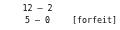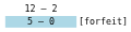 <table style="text-align:center">
 <tr>
 <th width=200></th>
 <th width=100></th>
 <th width=200></th>
 </tr>
 <tr>
 <td align=right><strong></strong></td>
 <td>12 – 2</td>
 <td align=left></td>
 </tr>
 <tr>
 <td align=right><strong></strong></td>
-<td>5 – 0</td>
+<td style="background: lightblue;">5 – 0</td>
 <td align=left> [forfeit]</td>
 </tr>
 </table>
